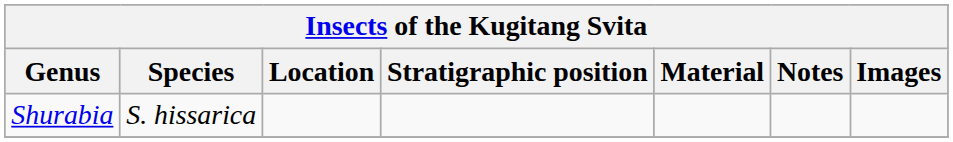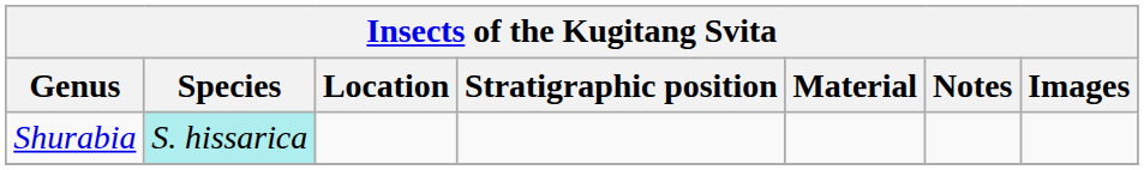 <table class="wikitable" align="center">
 <tr>
 <th colspan="7" align="center"><a href='#'>Insects</a> of the Kugitang Svita</th>
 </tr>
 <tr>
 <th>Genus</th>
 <th>Species</th>
 <th>Location</th>
 <th>Stratigraphic position</th>
 <th>Material</th>
 <th>Notes</th>
 <th>Images</th>
 </tr>
 <tr>
 <td><em><a href='#'>Shurabia</a></em></td>
-<td><em>S. hissarica</em></td>
+<td style="background: paleturquoise;"><em>S. hissarica</em></td>
 <td></td>
 <td></td>
 <td></td>
 <td></td>
 <td></td>
 </tr>
 <tr>
 </tr>
 </table>
